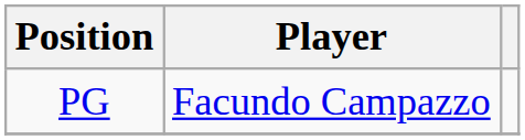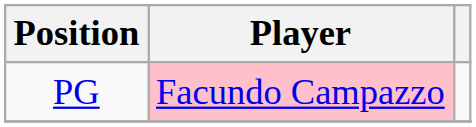 <table class="wikitable" style="text-align: center;">
 <tr>
 <th>Position</th>
 <th>Player</th>
 <th></th>
 </tr>
 <tr>
 <td align="center"><a href='#'>PG</a></td>
-<td> <a href='#'>Facundo Campazzo</a></td>
+<td style="background: pink;"> <a href='#'>Facundo Campazzo</a></td>
 <td style="text-align:center;"></td>
 </tr>
 <tr>
 </tr>
 <tr>
 </tr>
 </table>
